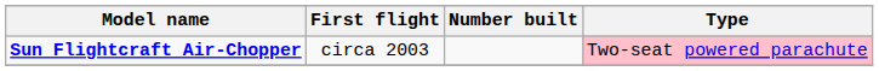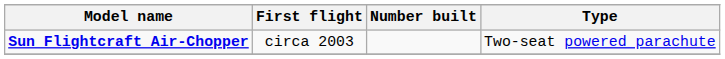 <table class="wikitable" align=center style="font-size:90%;">
 <tr>
 </tr>
 <tr style="background:#efefef;">
 <th>Model name</th>
 <th>First flight</th>
 <th>Number built</th>
 <th>Type</th>
 </tr>
 <tr>
 <td align=left><strong><a href='#'>Sun Flightcraft Air-Chopper</a></strong></td>
 <td align=center>circa 2003</td>
 <td align=center></td>
-<td align=left style="background: pink;">Two-seat <a href='#'>powered parachute</a></td>
+<td align=left>Two-seat <a href='#'>powered parachute</a></td>
 </tr>
 <tr>
 </tr>
 </table>
